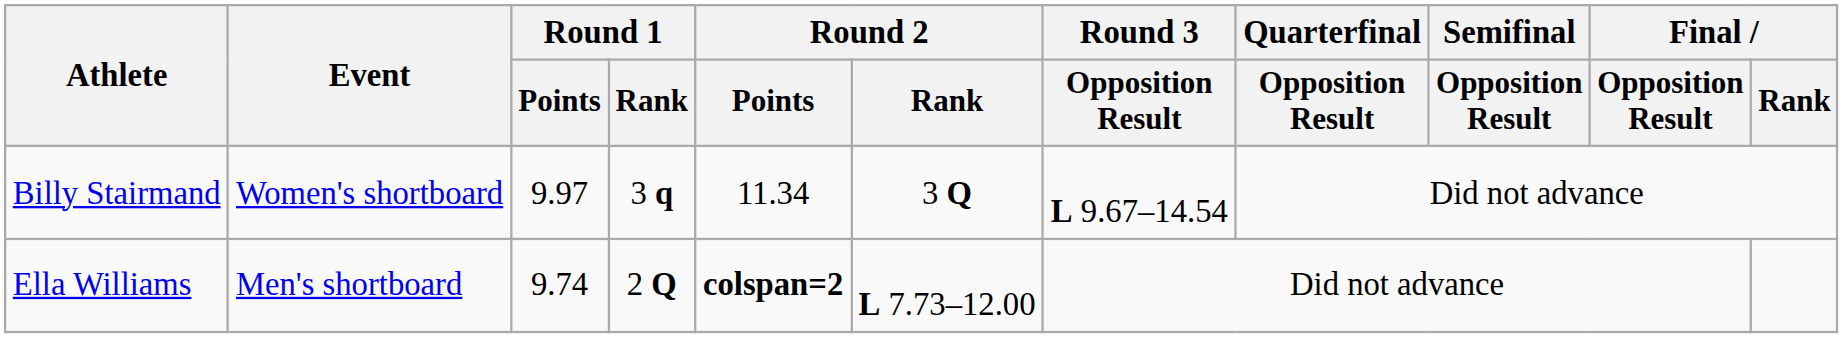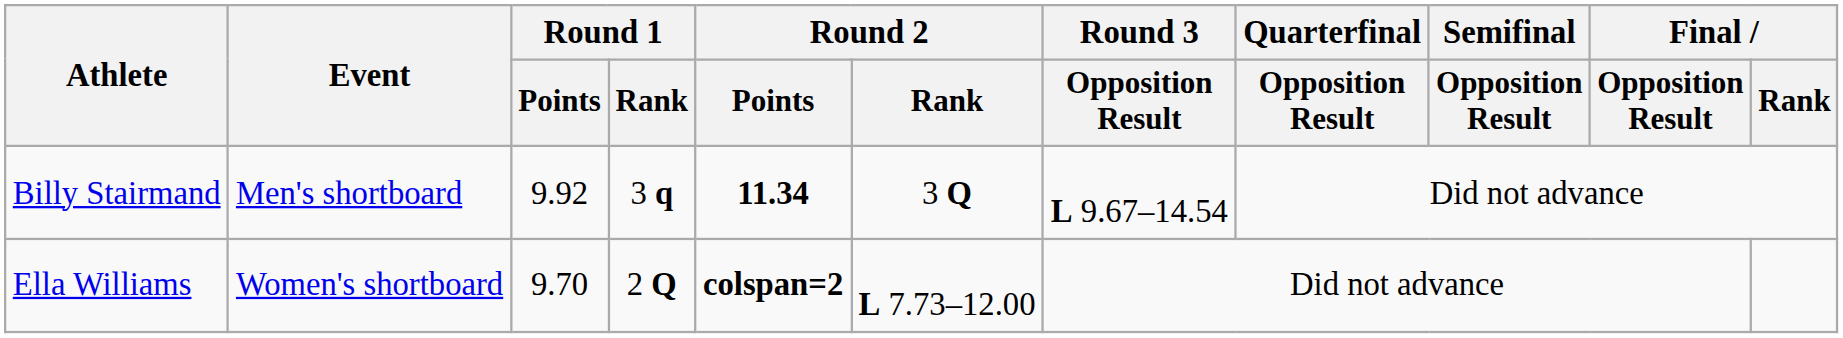 <table class=wikitable style=font-size:90%;text-align:center>
 <tr>
 <th rowspan=2>Athlete</th>
 <th rowspan=2>Event</th>
 <th colspan=2>Round 1</th>
 <th colspan=2>Round 2</th>
 <th>Round 3</th>
 <th>Quarterfinal</th>
 <th>Semifinal</th>
 <th colspan=2>Final / </th>
 </tr>
 <tr style="font-size: 95%">
 <th>Points</th>
 <th>Rank</th>
 <th>Points</th>
 <th>Rank</th>
 <th>Opposition<br>Result</th>
 <th>Opposition<br>Result</th>
 <th>Opposition<br>Result</th>
 <th>Opposition<br>Result</th>
 <th>Rank</th>
 </tr>
 <tr>
 <td align=left><a href='#'>Billy Stairmand</a></td>
-<td align=left><a href='#'>Women's shortboard</a></td>
-<td>9.97</td>
+<td align=left><a href='#'>Men's shortboard</a></td>
+<td>9.92</td>
 <td>3 <strong>q</strong></td>
-<td>11.34</td>
+<td><strong>11.34</strong></td>
 <td>3 <strong>Q</strong></td>
 <td><br><strong>L</strong> 9.67–14.54</td>
 <td colspan=4>Did not advance</td>
 </tr>
 <tr>
 <td align=left><a href='#'>Ella Williams</a></td>
-<td align=left><a href='#'>Men's shortboard</a></td>
-<td>9.74</td>
+<td align=left><a href='#'>Women's shortboard</a></td>
+<td>9.70</td>
 <td>2 <strong>Q</strong></td>
 <td><strong>colspan=2 </strong></td>
 <td><br><strong>L</strong> 7.73–12.00</td>
 <td colspan=4>Did not advance</td>
 </tr>
 </table>
